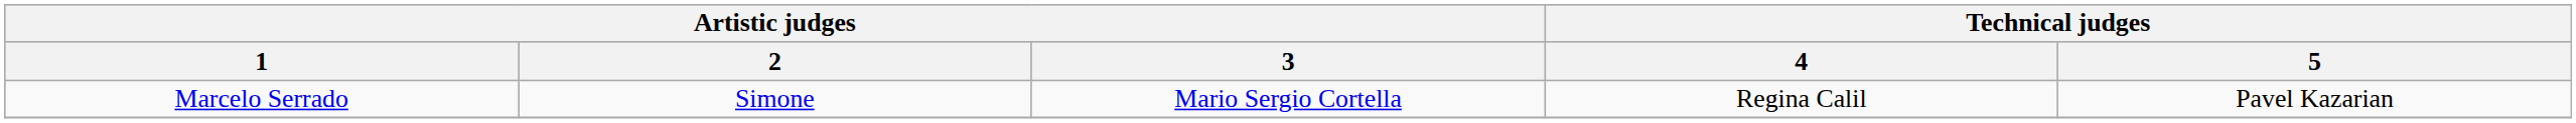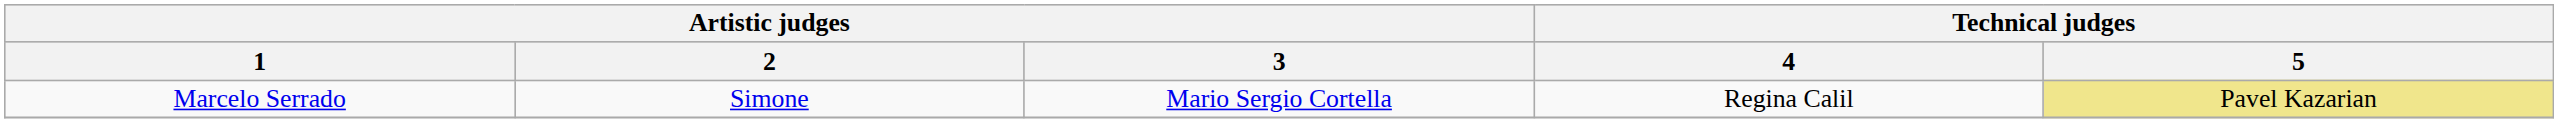 <table class="wikitable" style="font-size:100%; line-height:16px; text-align:center" width="100%">
 <tr>
 <th colspan=3>Artistic judges</th>
 <th colspan=2>Technical judges</th>
 </tr>
 <tr>
 <th style="width:20.0%;">1</th>
 <th style="width:20.0%;">2</th>
 <th style="width:20.0%;">3</th>
 <th style="width:20.0%;">4</th>
 <th style="width:20.0%;">5</th>
 </tr>
 <tr>
 <td><a href='#'>Marcelo Serrado</a></td>
 <td><a href='#'>Simone</a></td>
 <td><a href='#'>Mario Sergio Cortella</a></td>
 <td>Regina Calil</td>
-<td>Pavel Kazarian</td>
+<td style="background: khaki;">Pavel Kazarian</td>
 </tr>
 <tr>
 </tr>
 </table>
